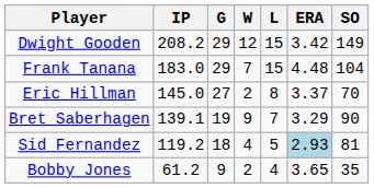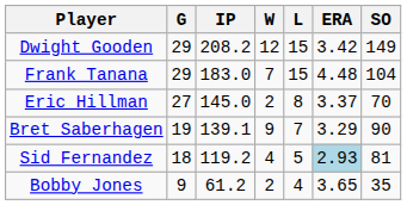 <table class="wikitable sortable">
 <tr>
 <th>Player</th>
+<th>G</th>
 <th>IP</th>
-<th>G</th>
 <th>W</th>
 <th>L</th>
 <th>ERA</th>
 <th>SO</th>
 </tr>
 <tr align="center">
 <td><a href='#'>Dwight Gooden</a></td>
+<td>29</td>
 <td>208.2</td>
-<td>29</td>
 <td>12</td>
 <td>15</td>
 <td>3.42</td>
 <td>149</td>
 </tr>
 <tr align=center>
 <td><a href='#'>Frank Tanana</a></td>
+<td>29</td>
 <td>183.0</td>
-<td>29</td>
 <td>7</td>
 <td>15</td>
 <td>4.48</td>
 <td>104</td>
 </tr>
 <tr align=center>
 <td><a href='#'>Eric Hillman</a></td>
+<td>27</td>
 <td>145.0</td>
-<td>27</td>
 <td>2</td>
 <td>8</td>
 <td>3.37</td>
 <td>70</td>
 </tr>
 <tr align=center>
 <td><a href='#'>Bret Saberhagen</a></td>
+<td>19</td>
 <td>139.1</td>
-<td>19</td>
 <td>9</td>
 <td>7</td>
 <td>3.29</td>
 <td>90</td>
 </tr>
 <tr align=center>
 <td><a href='#'>Sid Fernandez</a></td>
+<td>18</td>
 <td>119.2</td>
-<td>18</td>
 <td>4</td>
 <td>5</td>
 <td style="background: lightblue;">2.93</td>
 <td>81</td>
 </tr>
 <tr align=center>
 <td><a href='#'>Bobby Jones</a></td>
+<td>9</td>
 <td>61.2</td>
-<td>9</td>
 <td>2</td>
 <td>4</td>
 <td>3.65</td>
 <td>35</td>
 </tr>
 </table>
